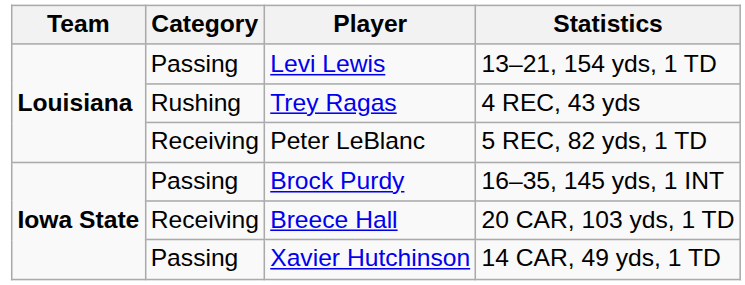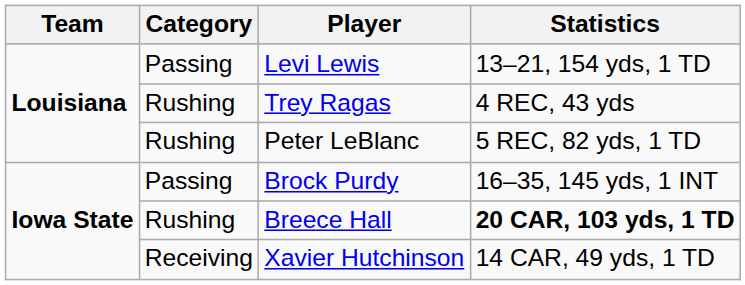 <table class="wikitable" style="float: right;">
 <tr>
 <th>Team</th>
 <th>Category</th>
 <th>Player</th>
 <th>Statistics</th>
 </tr>
 <tr>
 <td rowspan=3><strong>Louisiana</strong></td>
 <td>Passing</td>
 <td><a href='#'>Levi Lewis</a></td>
 <td>13–21, 154 yds, 1 TD</td>
 </tr>
 <tr>
 <td>Rushing</td>
 <td><a href='#'>Trey Ragas</a></td>
 <td>4 REC, 43 yds</td>
 </tr>
 <tr>
-<td>Receiving</td>
+<td>Rushing</td>
 <td>Peter LeBlanc</td>
 <td>5 REC, 82 yds, 1 TD</td>
 </tr>
 <tr>
 <td rowspan=3><strong>Iowa State</strong></td>
 <td>Passing</td>
 <td><a href='#'>Brock Purdy</a></td>
 <td>16–35, 145 yds, 1 INT</td>
 </tr>
 <tr>
-<td>Receiving</td>
+<td>Rushing</td>
 <td><a href='#'>Breece Hall</a></td>
-<td>20 CAR, 103 yds, 1 TD</td>
+<td><strong>20 CAR, 103 yds, 1 TD</strong></td>
 </tr>
 <tr>
-<td>Passing</td>
+<td>Receiving</td>
 <td><a href='#'>Xavier Hutchinson</a></td>
 <td>14 CAR, 49 yds, 1 TD</td>
 </tr>
 </table>
